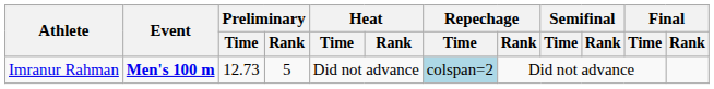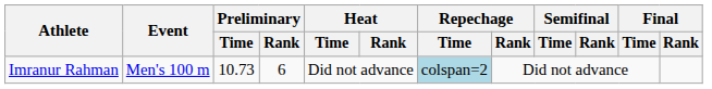 <table class="wikitable" style="font-size:90%">
 <tr>
 <th rowspan=2>Athlete</th>
 <th rowspan=2>Event</th>
 <th colspan=2>Preliminary</th>
 <th colspan=2>Heat</th>
 <th colspan=2>Repechage</th>
 <th colspan=2>Semifinal</th>
 <th colspan=2>Final</th>
 </tr>
 <tr style=font-size:95%>
 <th>Time</th>
 <th>Rank</th>
 <th>Time</th>
 <th>Rank</th>
 <th>Time</th>
 <th>Rank</th>
 <th>Time</th>
 <th>Rank</th>
 <th>Time</th>
 <th>Rank</th>
 </tr>
 <tr align=center>
 <td align=left><a href='#'>Imranur Rahman</a></td>
-<td align=left><strong><a href='#'>Men's 100 m</a></strong></td>
-<td>12.73 </td>
-<td>5</td>
+<td align=left><a href='#'>Men's 100 m</a></td>
+<td>10.73 </td>
+<td>6</td>
 <td colspan=2>Did not advance</td>
 <td style="background: lightblue;">colspan=2 </td>
 <td colspan=4>Did not advance</td>
 </tr>
 </table>
